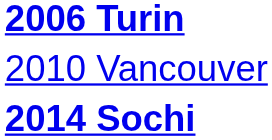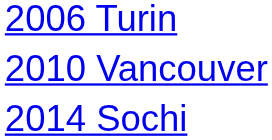 <table>
 <tr>
 <td><br></td>
 <td></td>
 <td></td>
 <td></td>
 </tr>
 <tr>
-<td><strong><a href='#'>2006 Turin</a><br></strong></td>
+<td><a href='#'>2006 Turin</a><br></td>
 <td></td>
 <td></td>
 <td></td>
 </tr>
 <tr>
 <td><a href='#'>2010 Vancouver</a><br></td>
 <td></td>
 <td></td>
 <td></td>
 </tr>
 <tr>
-<td><strong><a href='#'>2014 Sochi</a><br></strong></td>
+<td><a href='#'>2014 Sochi</a><br></td>
 <td></td>
 <td></td>
 <td></td>
 </tr>
 <tr valign="top">
 <td><br></td>
 <td></td>
 <td></td>
 <td></td>
 </tr>
 <tr valign="top">
 <td><br></td>
 <td></td>
 <td></td>
 <td></td>
 </tr>
 <tr>
 </tr>
 </table>
